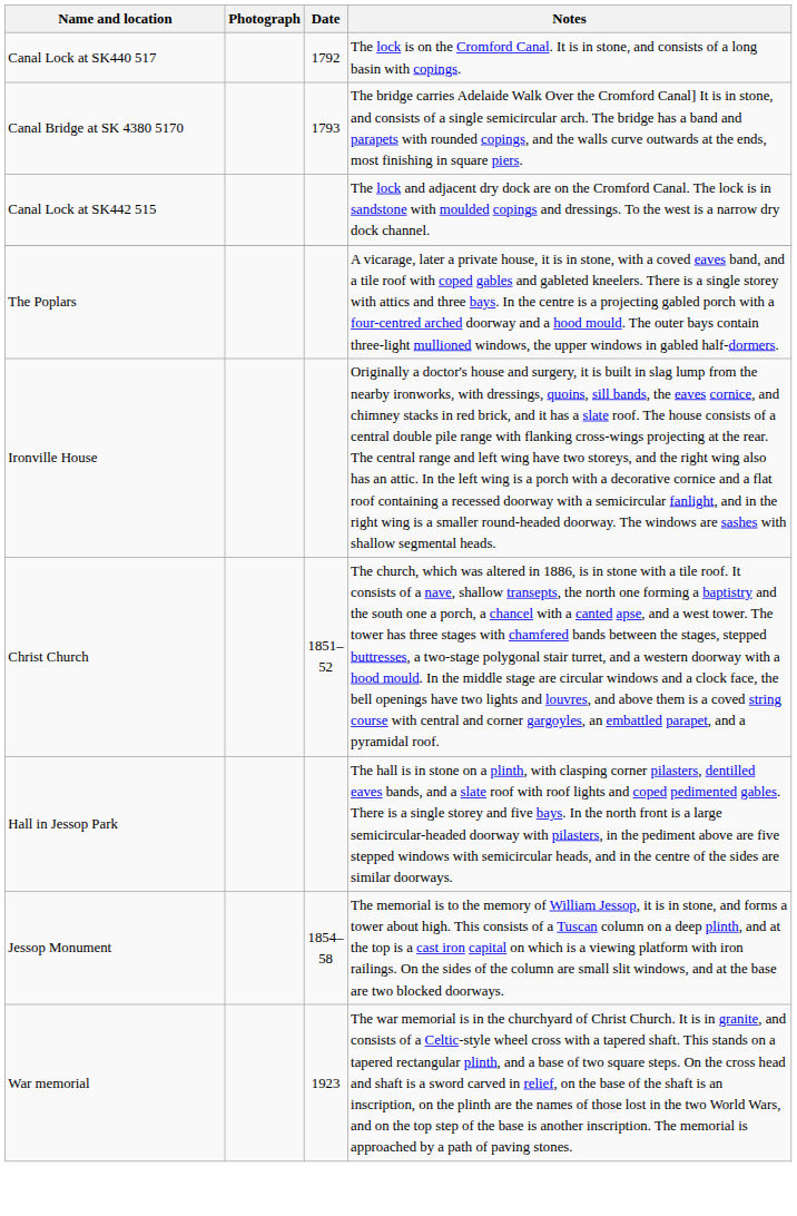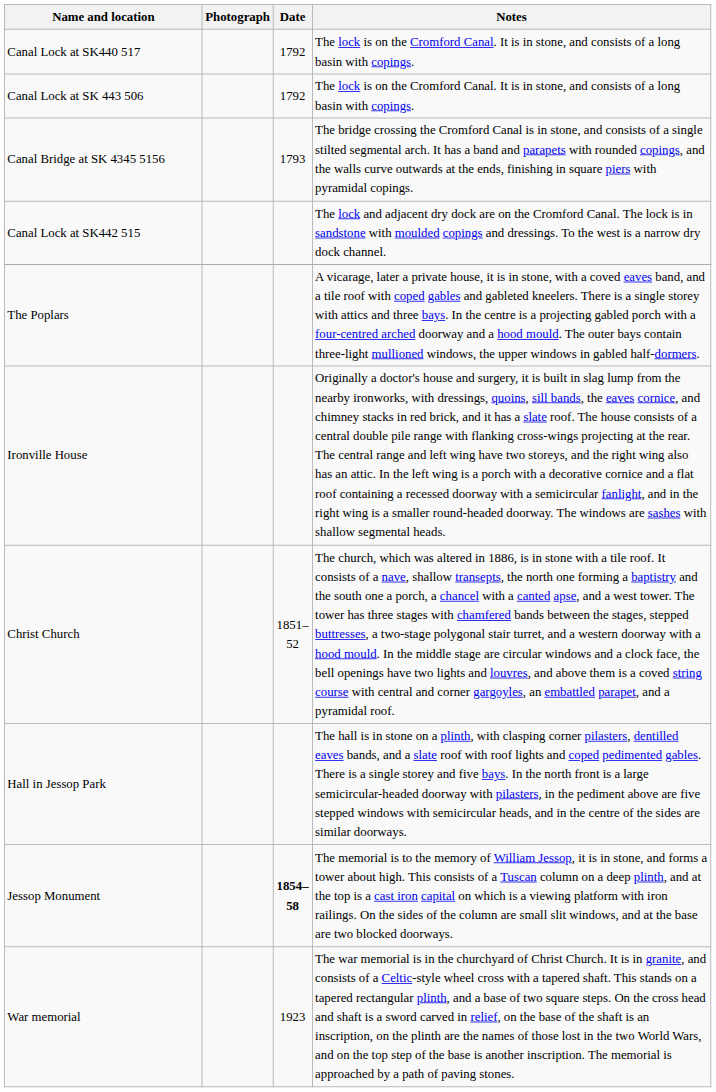 <table class="wikitable sortable plainrowheaders" style="width:100%;border:0px;text-align:left;line-height:150%;">
 <tr>
 <th style="width:15em;">Name and location</th>
 <th class="unsortable">Photograph</th>
 <th>Date</th>
 <th class="unsortable">Notes</th>
 </tr>
 <tr>
 <td>Canal Lock at SK440 517<br><small></small></td>
 <td></td>
 <td align="center">1792</td>
 <td>The <a href='#'>lock</a> is on the <a href='#'>Cromford Canal</a>.  It is in stone, and consists of a long basin with <a href='#'>copings</a>.</td>
 </tr>
 <tr>
-<td>Canal Bridge at SK 4380 5170<br><small></small></td>
+<td>Canal Lock at SK 443 506<br><small></small></td>
+<td></td>
+<td align="center">1792</td>
+<td>The <a href='#'>lock</a> is on the Cromford Canal.  It is in stone, and consists of a long basin with <a href='#'>copings</a>.</td>
+</tr>
+<tr>
+<td>Canal Bridge at SK 4345 5156<br><small></small></td>
 <td></td>
 <td align="center">1793</td>
-<td>The bridge carries Adelaide Walk Over the Cromford Canal]  It is in stone, and consists of a single semicircular arch.  The bridge has a band and <a href='#'>parapets</a> with rounded <a href='#'>copings</a>, and the walls curve outwards at the ends, most finishing in square <a href='#'>piers</a>.</td>
+<td>The bridge crossing the Cromford Canal is in stone, and consists of a single stilted segmental arch.  It has a band and <a href='#'>parapets</a> with rounded <a href='#'>copings</a>, and the walls curve outwards at the ends, finishing in square <a href='#'>piers</a> with pyramidal copings.</td>
 </tr>
 <tr>
 <td>Canal Lock at SK442 515<br><small></small></td>
 <td></td>
 <td align="center"></td>
 <td>The <a href='#'>lock</a> and adjacent dry dock are on the Cromford Canal.  The lock is in <a href='#'>sandstone</a> with <a href='#'>moulded</a> <a href='#'>copings</a> and dressings.  To the west is a narrow dry dock channel.</td>
 </tr>
 <tr>
 </tr>
 <tr>
 <td>The Poplars<br><small></small></td>
 <td></td>
 <td align="center"></td>
 <td>A vicarage, later a private house, it is in stone, with a coved <a href='#'>eaves</a> band, and a tile roof with <a href='#'>coped</a> <a href='#'>gables</a> and gableted kneelers.  There is a single storey with attics and three <a href='#'>bays</a>.  In the centre is a projecting gabled porch with a <a href='#'>four-centred arched</a> doorway and a <a href='#'>hood mould</a>.  The outer bays contain three-light <a href='#'>mullioned</a> windows, the upper windows in gabled half-<a href='#'>dormers</a>.</td>
 </tr>
 <tr>
 <td>Ironville House<br><small></small></td>
 <td></td>
 <td align="center"></td>
 <td>Originally a doctor's house and surgery, it is built in slag lump from the nearby ironworks, with dressings, <a href='#'>quoins</a>, <a href='#'>sill bands</a>, the <a href='#'>eaves</a> <a href='#'>cornice</a>, and chimney stacks in red brick, and it has a <a href='#'>slate</a> roof.  The house consists of a central double pile range with flanking cross-wings projecting at the rear.  The central range and left wing have two storeys, and the right wing also has an attic.  In the left wing is a porch with a decorative cornice and a flat roof containing a recessed doorway with a semicircular <a href='#'>fanlight</a>, and in the right wing is a smaller round-headed doorway.  The windows are <a href='#'>sashes</a> with shallow segmental heads.</td>
 </tr>
 <tr>
 <td>Christ Church<br><small></small></td>
 <td></td>
 <td align="center">1851–52</td>
 <td>The church, which was altered in 1886, is in stone with a tile roof.  It consists of a <a href='#'>nave</a>, shallow <a href='#'>transepts</a>, the north one forming a <a href='#'>baptistry</a> and the south one a porch, a <a href='#'>chancel</a> with a <a href='#'>canted</a> <a href='#'>apse</a>, and a west tower.  The tower has three stages with <a href='#'>chamfered</a> bands between the stages, stepped <a href='#'>buttresses</a>, a two-stage polygonal stair turret, and a western doorway with a <a href='#'>hood mould</a>.  In the middle stage are circular windows and a clock face, the bell openings have two lights and <a href='#'>louvres</a>, and above them is a coved <a href='#'>string course</a> with central and corner <a href='#'>gargoyles</a>, an <a href='#'>embattled</a> <a href='#'>parapet</a>, and a pyramidal roof.</td>
 </tr>
 <tr>
 <td>Hall in Jessop Park<br><small></small></td>
 <td></td>
 <td align="center"></td>
 <td>The hall is in stone on a <a href='#'>plinth</a>, with clasping corner <a href='#'>pilasters</a>, <a href='#'>dentilled</a> <a href='#'>eaves</a> bands, and a <a href='#'>slate</a> roof with roof lights and <a href='#'>coped</a> <a href='#'>pedimented</a> <a href='#'>gables</a>.  There is a single storey and five <a href='#'>bays</a>.  In the north front is a large semicircular-headed doorway with <a href='#'>pilasters</a>, in the pediment above are five stepped windows with semicircular heads, and in the centre of the sides are similar doorways.</td>
 </tr>
 <tr>
 <td>Jessop Monument<br><small></small></td>
 <td></td>
-<td align="center">1854–58</td>
+<td align="center"><strong>1854–58</strong></td>
 <td>The memorial is to the memory of <a href='#'>William Jessop</a>, it is in stone, and forms a tower about  high.  This consists of a <a href='#'>Tuscan</a> column on a deep <a href='#'>plinth</a>, and at the top is a <a href='#'>cast iron</a> <a href='#'>capital</a> on which is a viewing platform with iron railings.  On the sides of the column are small slit windows, and at the base are two blocked doorways.</td>
 </tr>
 <tr>
 <td>War memorial<br><small></small></td>
 <td></td>
 <td align="center">1923</td>
 <td>The war memorial is in the churchyard of Christ Church.  It is in <a href='#'>granite</a>, and consists of a <a href='#'>Celtic</a>-style wheel cross with a tapered shaft.  This stands on a tapered rectangular <a href='#'>plinth</a>, and a base of two square steps.  On the cross head and shaft is a sword carved in <a href='#'>relief</a>, on the base of the shaft is an inscription, on the plinth are the names of those lost in the two World Wars, and on the top step of the base is another inscription.  The memorial is approached by a path of paving stones.</td>
 </tr>
 <tr>
 </tr>
 </table>
